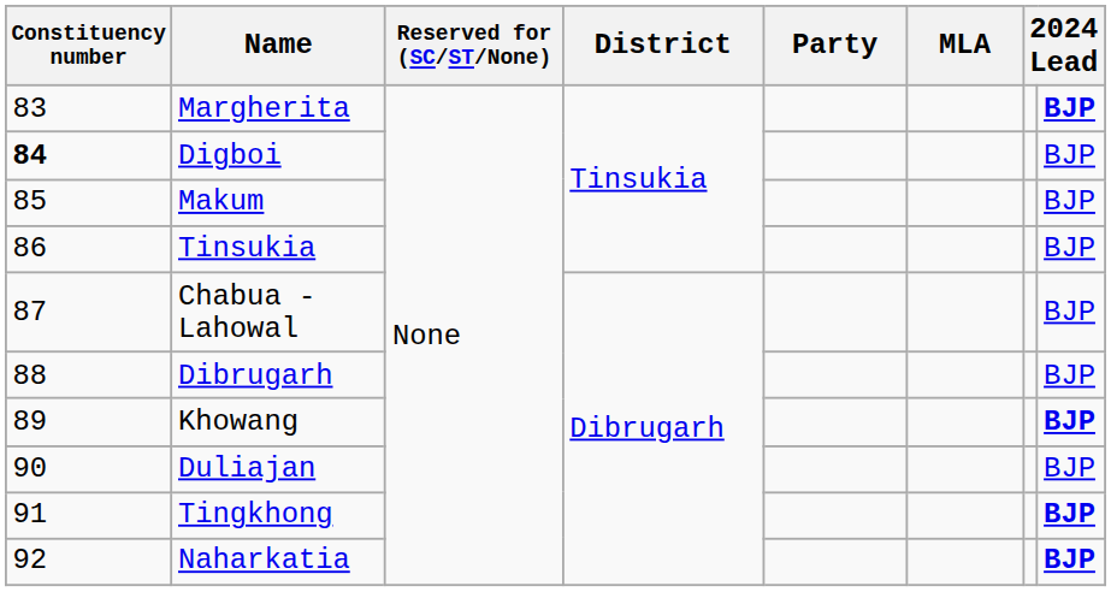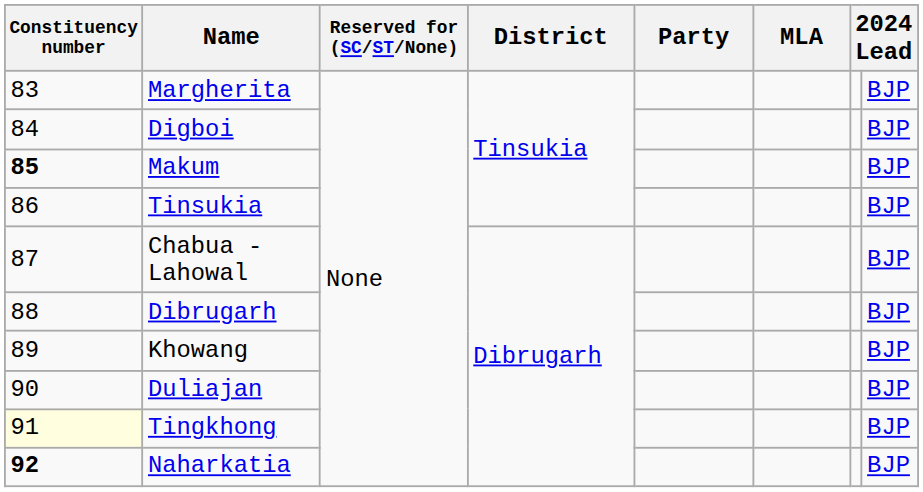 <table class="wikitable" width="500px">
 <tr>
 <th width="50px" style="font-size:75%">Constituency number</th>
 <th width="150px">Name</th>
 <th width="100px" style="font-size:75%">Reserved for (<a href='#'>SC</a>/<a href='#'>ST</a>/None)</th>
 <th width="150px">District</th>
 <th width="150px">Party</th>
 <th width="150px">MLA</th>
 <th colspan="2">2024 Lead</th>
 </tr>
 <tr>
 <td>83</td>
 <td><a href='#'>Margherita</a></td>
 <td rowspan=10>None</td>
 <td rowspan=4><a href='#'>Tinsukia</a></td>
 <td></td>
 <td></td>
 <td style="background-color: "></td>
-<td><strong><a href='#'>BJP</a></strong></td>
+<td><a href='#'>BJP</a></td>
 </tr>
 <tr>
-<td><strong>84</strong></td>
+<td>84</td>
 <td><a href='#'>Digboi</a></td>
 <td></td>
 <td></td>
 <td style="background-color: "></td>
 <td><a href='#'>BJP</a></td>
 </tr>
 <tr>
-<td>85</td>
+<td><strong>85</strong></td>
 <td><a href='#'>Makum</a></td>
 <td></td>
 <td></td>
 <td style="background-color: "></td>
 <td><a href='#'>BJP</a></td>
 </tr>
 <tr>
 <td>86</td>
 <td><a href='#'>Tinsukia</a></td>
 <td></td>
 <td></td>
 <td style="background-color: "></td>
 <td><a href='#'>BJP</a></td>
 </tr>
 <tr>
 <td>87</td>
 <td>Chabua - Lahowal</td>
 <td rowspan=6><a href='#'>Dibrugarh</a></td>
 <td></td>
 <td></td>
 <td style="background-color: "></td>
 <td><a href='#'>BJP</a></td>
 </tr>
 <tr>
 <td>88</td>
 <td><a href='#'>Dibrugarh</a></td>
 <td></td>
 <td></td>
 <td style="background-color: "></td>
 <td><a href='#'>BJP</a></td>
 </tr>
 <tr>
 <td>89</td>
 <td>Khowang</td>
 <td></td>
 <td></td>
 <td style="background-color: "></td>
-<td><strong><a href='#'>BJP</a></strong></td>
+<td><a href='#'>BJP</a></td>
 </tr>
 <tr>
 <td>90</td>
 <td><a href='#'>Duliajan</a></td>
 <td></td>
 <td></td>
 <td style="background-color: "></td>
 <td><a href='#'>BJP</a></td>
 </tr>
 <tr>
-<td>91</td>
+<td style="background: lightyellow;">91</td>
 <td><a href='#'>Tingkhong</a></td>
 <td></td>
 <td></td>
 <td style="background-color: "></td>
-<td><strong><a href='#'>BJP</a></strong></td>
+<td><a href='#'>BJP</a></td>
 </tr>
 <tr>
-<td>92</td>
+<td><strong>92</strong></td>
 <td><a href='#'>Naharkatia</a></td>
 <td></td>
 <td></td>
 <td style="background-color: "></td>
-<td><strong><a href='#'>BJP</a></strong></td>
+<td><a href='#'>BJP</a></td>
 </tr>
 </table>
